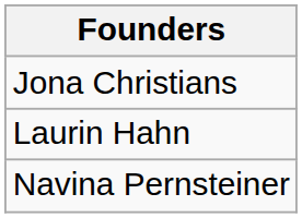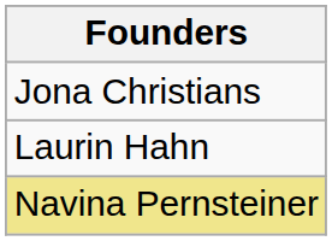 <table class="wikitable">
 <tr>
 <th>Founders</th>
 </tr>
 <tr>
 <td>Jona Christians</td>
 </tr>
 <tr>
 <td>Laurin Hahn</td>
 </tr>
 <tr>
-<td>Navina Pernsteiner</td>
+<td style="background: khaki;">Navina Pernsteiner</td>
 </tr>
 </table>
